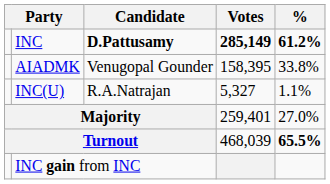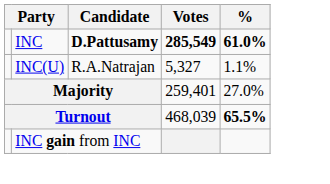 <table class="wikitable sortable">
 <tr>
 <th colspan="2">Party</th>
 <th>Candidate</th>
 <th>Votes</th>
 <th>%</th>
 </tr>
 <tr>
 <td></td>
 <td><a href='#'>INC</a></td>
 <td><strong>D.Pattusamy</strong></td>
-<td><strong>285,149</strong></td>
-<td><strong>61.2%</strong></td>
-</tr>
-<tr>
-<td></td>
-<td><a href='#'>AIADMK</a></td>
-<td>Venugopal Gounder</td>
-<td>158,395</td>
-<td>33.8%</td>
+<td><strong>285,549</strong></td>
+<td><strong>61.0%</strong></td>
 </tr>
 <tr>
 <td></td>
 <td><a href='#'>INC(U)</a></td>
 <td>R.A.Natrajan</td>
 <td>5,327</td>
 <td>1.1%</td>
 </tr>
 <tr>
 <th colspan="3">Majority</th>
 <td>259,401</td>
 <td>27.0%</td>
 </tr>
 <tr>
 <th colspan="3"><a href='#'>Turnout</a></th>
 <td>468,039</td>
 <td><strong>65.5%</strong></td>
 </tr>
 <tr>
 <td></td>
 <td colspan="2"><a href='#'>INC</a> <strong>gain</strong> from <a href='#'>INC</a></td>
 <th></th>
 <td></td>
 </tr>
 </table>
